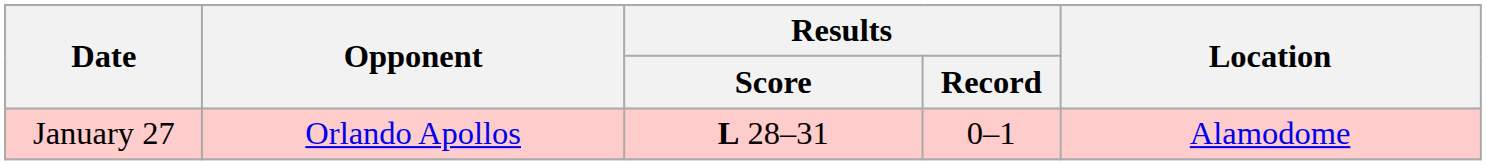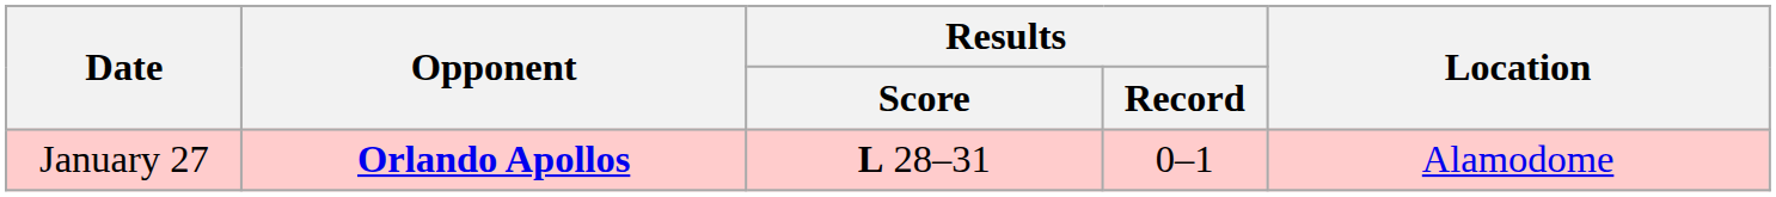 <table class="wikitable" style="text-align:center">
 <tr>
 <th rowspan="2" width="90">Date</th>
 <th rowspan="2" width="200">Opponent</th>
 <th colspan="2" width="200">Results</th>
 <th rowspan="2" width="200">Location</th>
 </tr>
 <tr>
 <th width="140">Score</th>
 <th width="60">Record</th>
 </tr>
 <tr bgcolor="#ffcccc">
 <td>January 27</td>
-<td><a href='#'>Orlando Apollos</a></td>
+<td><strong><a href='#'>Orlando Apollos</a></strong></td>
 <td><strong>L</strong> 28–31</td>
 <td>0–1</td>
 <td><a href='#'>Alamodome</a></td>
 </tr>
 </table>
